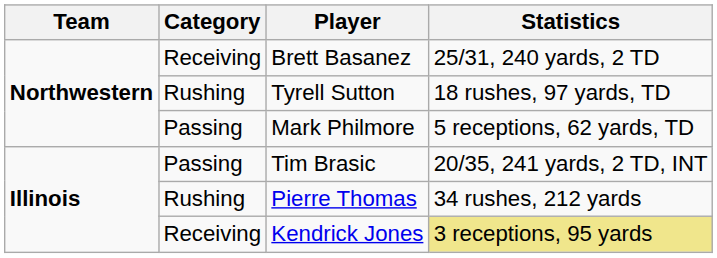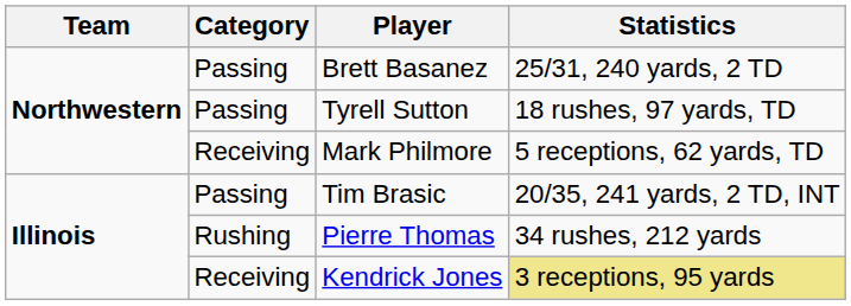 <table class="wikitable" style="float: left;">
 <tr>
 <th>Team</th>
 <th>Category</th>
 <th>Player</th>
 <th>Statistics</th>
 </tr>
 <tr>
 <td rowspan=3><strong>Northwestern</strong></td>
-<td>Receiving</td>
+<td>Passing</td>
 <td>Brett Basanez</td>
 <td>25/31, 240 yards, 2 TD</td>
 </tr>
 <tr>
-<td>Rushing</td>
+<td>Passing</td>
 <td>Tyrell Sutton</td>
 <td>18 rushes, 97 yards, TD</td>
 </tr>
 <tr>
-<td>Passing</td>
+<td>Receiving</td>
 <td>Mark Philmore</td>
 <td>5 receptions, 62 yards, TD</td>
 </tr>
 <tr>
 <td rowspan=3><strong>Illinois</strong></td>
 <td>Passing</td>
 <td>Tim Brasic</td>
 <td>20/35, 241 yards, 2 TD, INT</td>
 </tr>
 <tr>
 <td>Rushing</td>
 <td><a href='#'>Pierre Thomas</a></td>
 <td>34 rushes, 212 yards</td>
 </tr>
 <tr>
 <td>Receiving</td>
 <td><a href='#'>Kendrick Jones</a></td>
 <td style="background: khaki;">3 receptions, 95 yards</td>
 </tr>
 </table>
